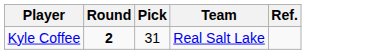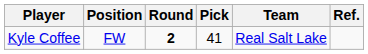 <table class="wikitable" style="text-align:center;">
 <tr>
 <th>Player</th>
+<th>Position</th>
 <th>Round</th>
 <th>Pick</th>
 <th>Team</th>
 <th>Ref.</th>
 </tr>
 <tr>
 <td><a href='#'>Kyle Coffee</a></td>
+<td><a href='#'>FW</a></td>
 <td><strong>2</strong></td>
-<td>31</td>
+<td>41</td>
 <td><a href='#'>Real Salt Lake</a></td>
 <td></td>
 </tr>
 </table>
